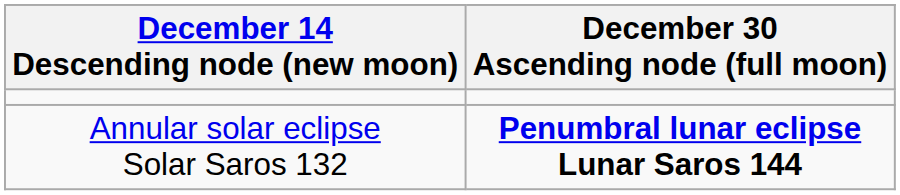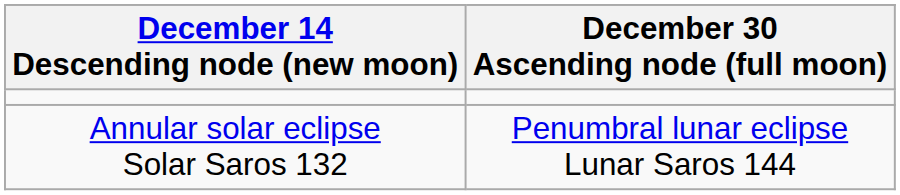 <table class="wikitable">
 <tr>
 <th><a href='#'>December 14</a><br>Descending node (new moon)<br></th>
 <th>December 30<br>Ascending node (full moon)<br></th>
 </tr>
 <tr>
 <td></td>
 <td></td>
 </tr>
 <tr align=center>
 <td><a href='#'>Annular solar eclipse</a><br>Solar Saros 132</td>
-<td><strong><a href='#'>Penumbral lunar eclipse</a><br>Lunar Saros 144</strong></td>
+<td><a href='#'>Penumbral lunar eclipse</a><br>Lunar Saros 144</td>
 </tr>
 </table>
